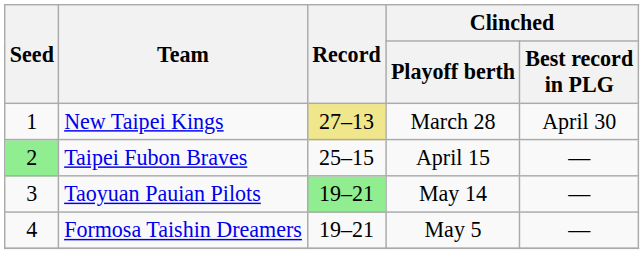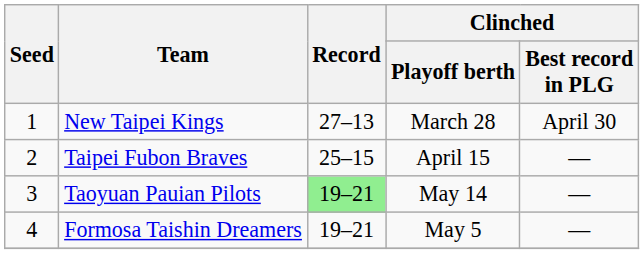 <table class="wikitable"  style="font-size:95%; text-align:center">
 <tr>
 <th rowspan=2>Seed</th>
 <th rowspan=2>Team</th>
 <th rowspan=2>Record</th>
 <th colspan=2>Clinched</th>
 </tr>
 <tr>
 <th>Playoff berth</th>
 <th>Best record<br>in PLG</th>
 </tr>
 <tr>
 <td>1</td>
 <td align=left><a href='#'>New Taipei Kings</a></td>
-<td style="background: khaki;">27–13</td>
+<td>27–13</td>
 <td>March 28</td>
 <td>April 30</td>
 </tr>
 <tr>
-<td style="background: lightgreen;">2</td>
+<td>2</td>
 <td align=left><a href='#'>Taipei Fubon Braves</a></td>
 <td>25–15</td>
 <td>April 15</td>
 <td>—</td>
 </tr>
 <tr>
 <td>3</td>
 <td align=left><a href='#'>Taoyuan Pauian Pilots</a></td>
 <td style="background: lightgreen;">19–21</td>
 <td>May 14</td>
 <td>—</td>
 </tr>
 <tr>
 <td>4</td>
 <td align=left><a href='#'>Formosa Taishin Dreamers</a></td>
 <td>19–21</td>
 <td>May 5</td>
 <td>—</td>
 </tr>
 <tr>
 </tr>
 </table>
